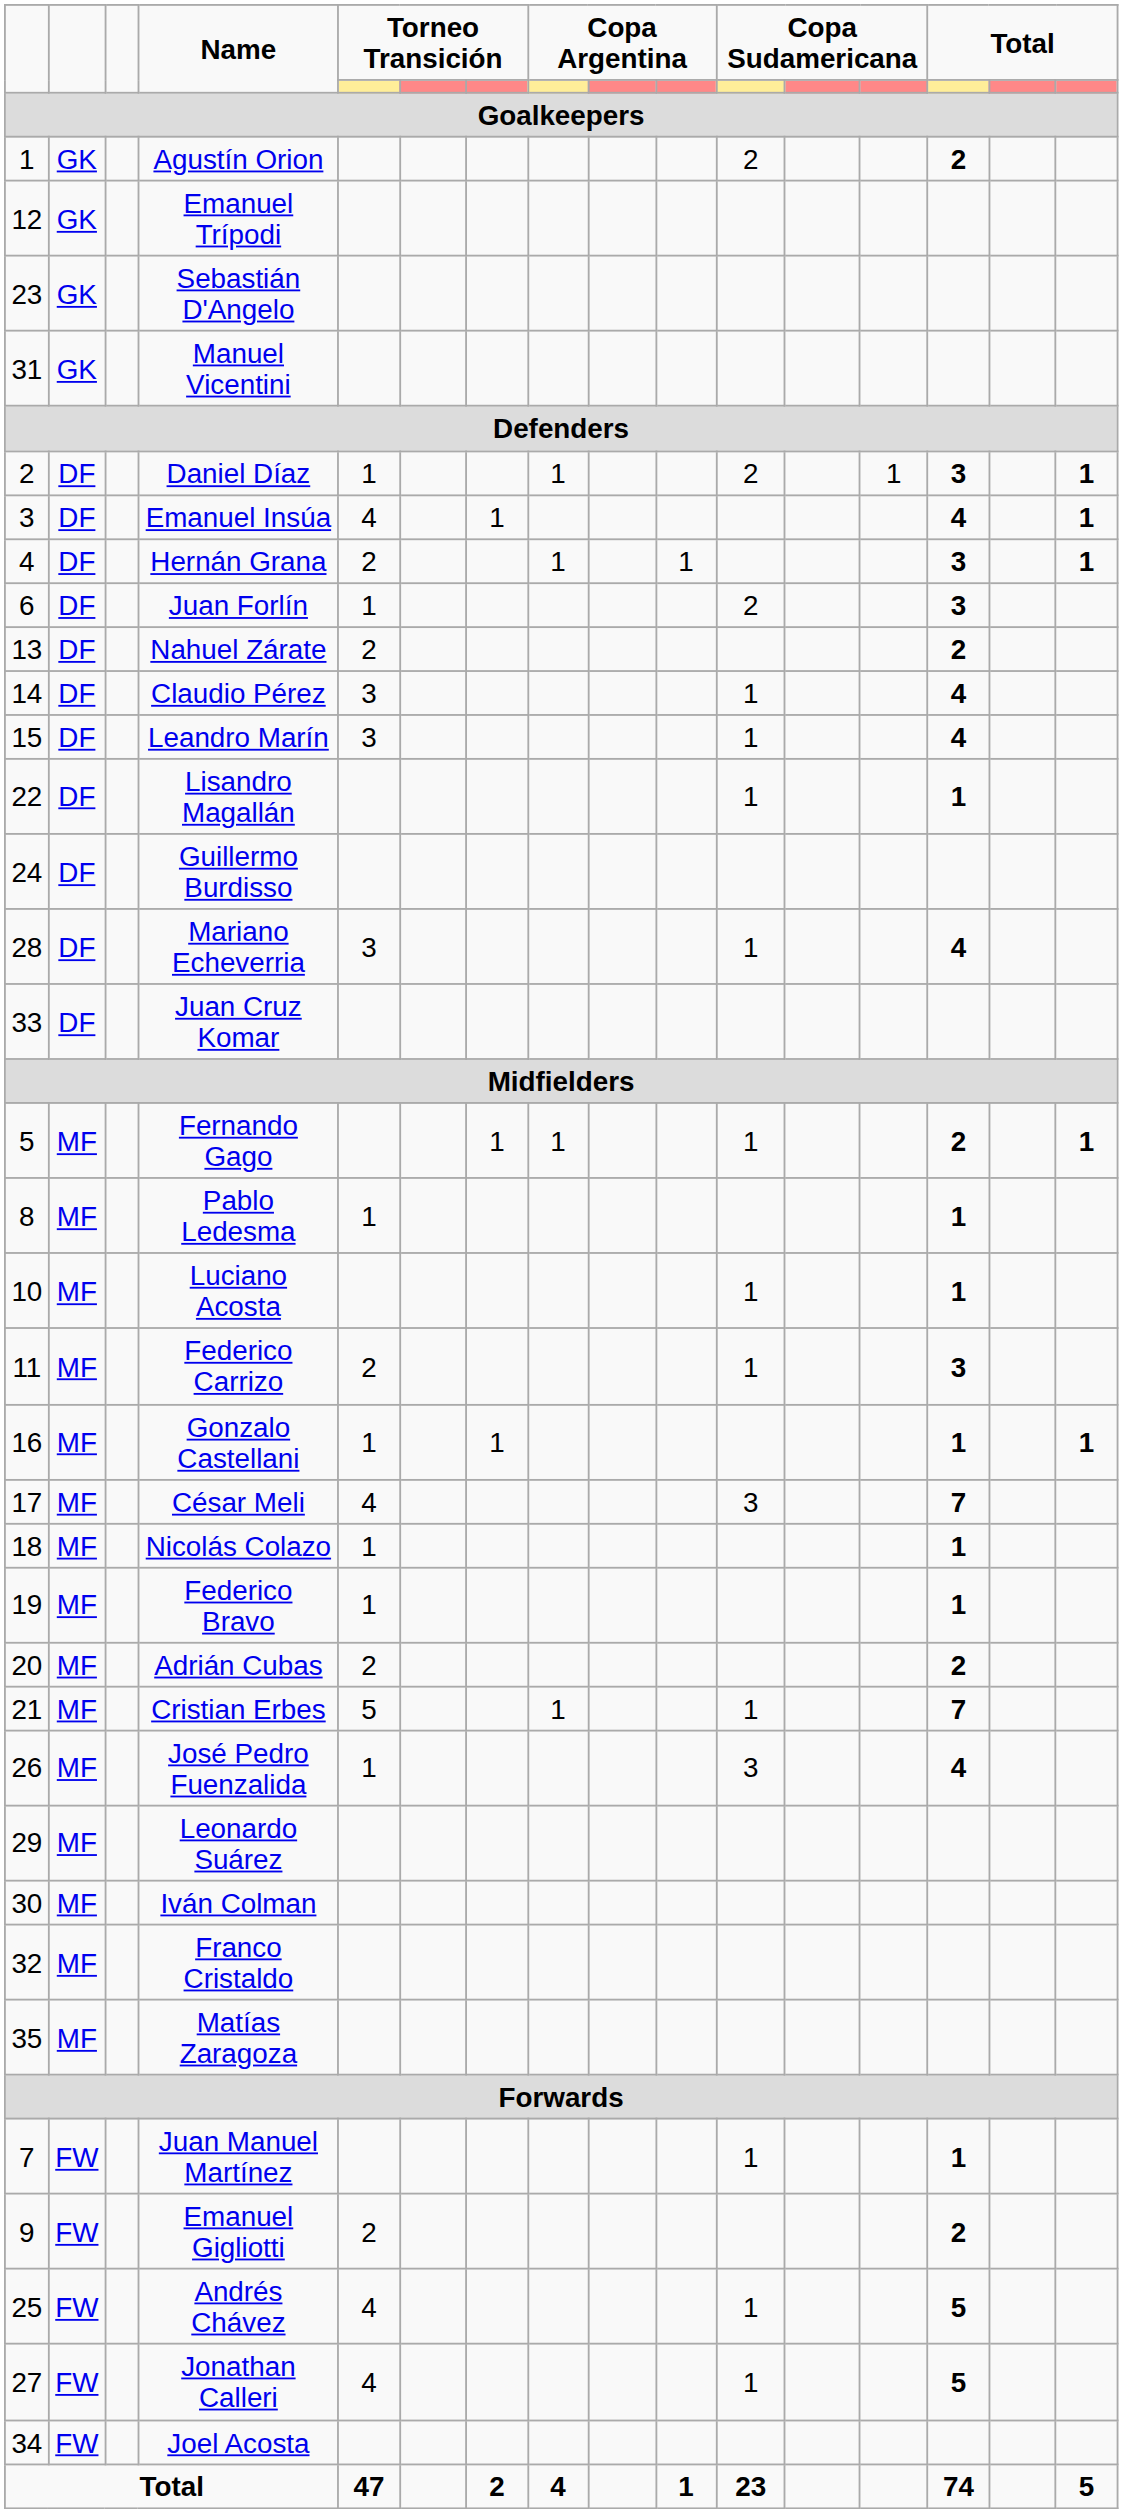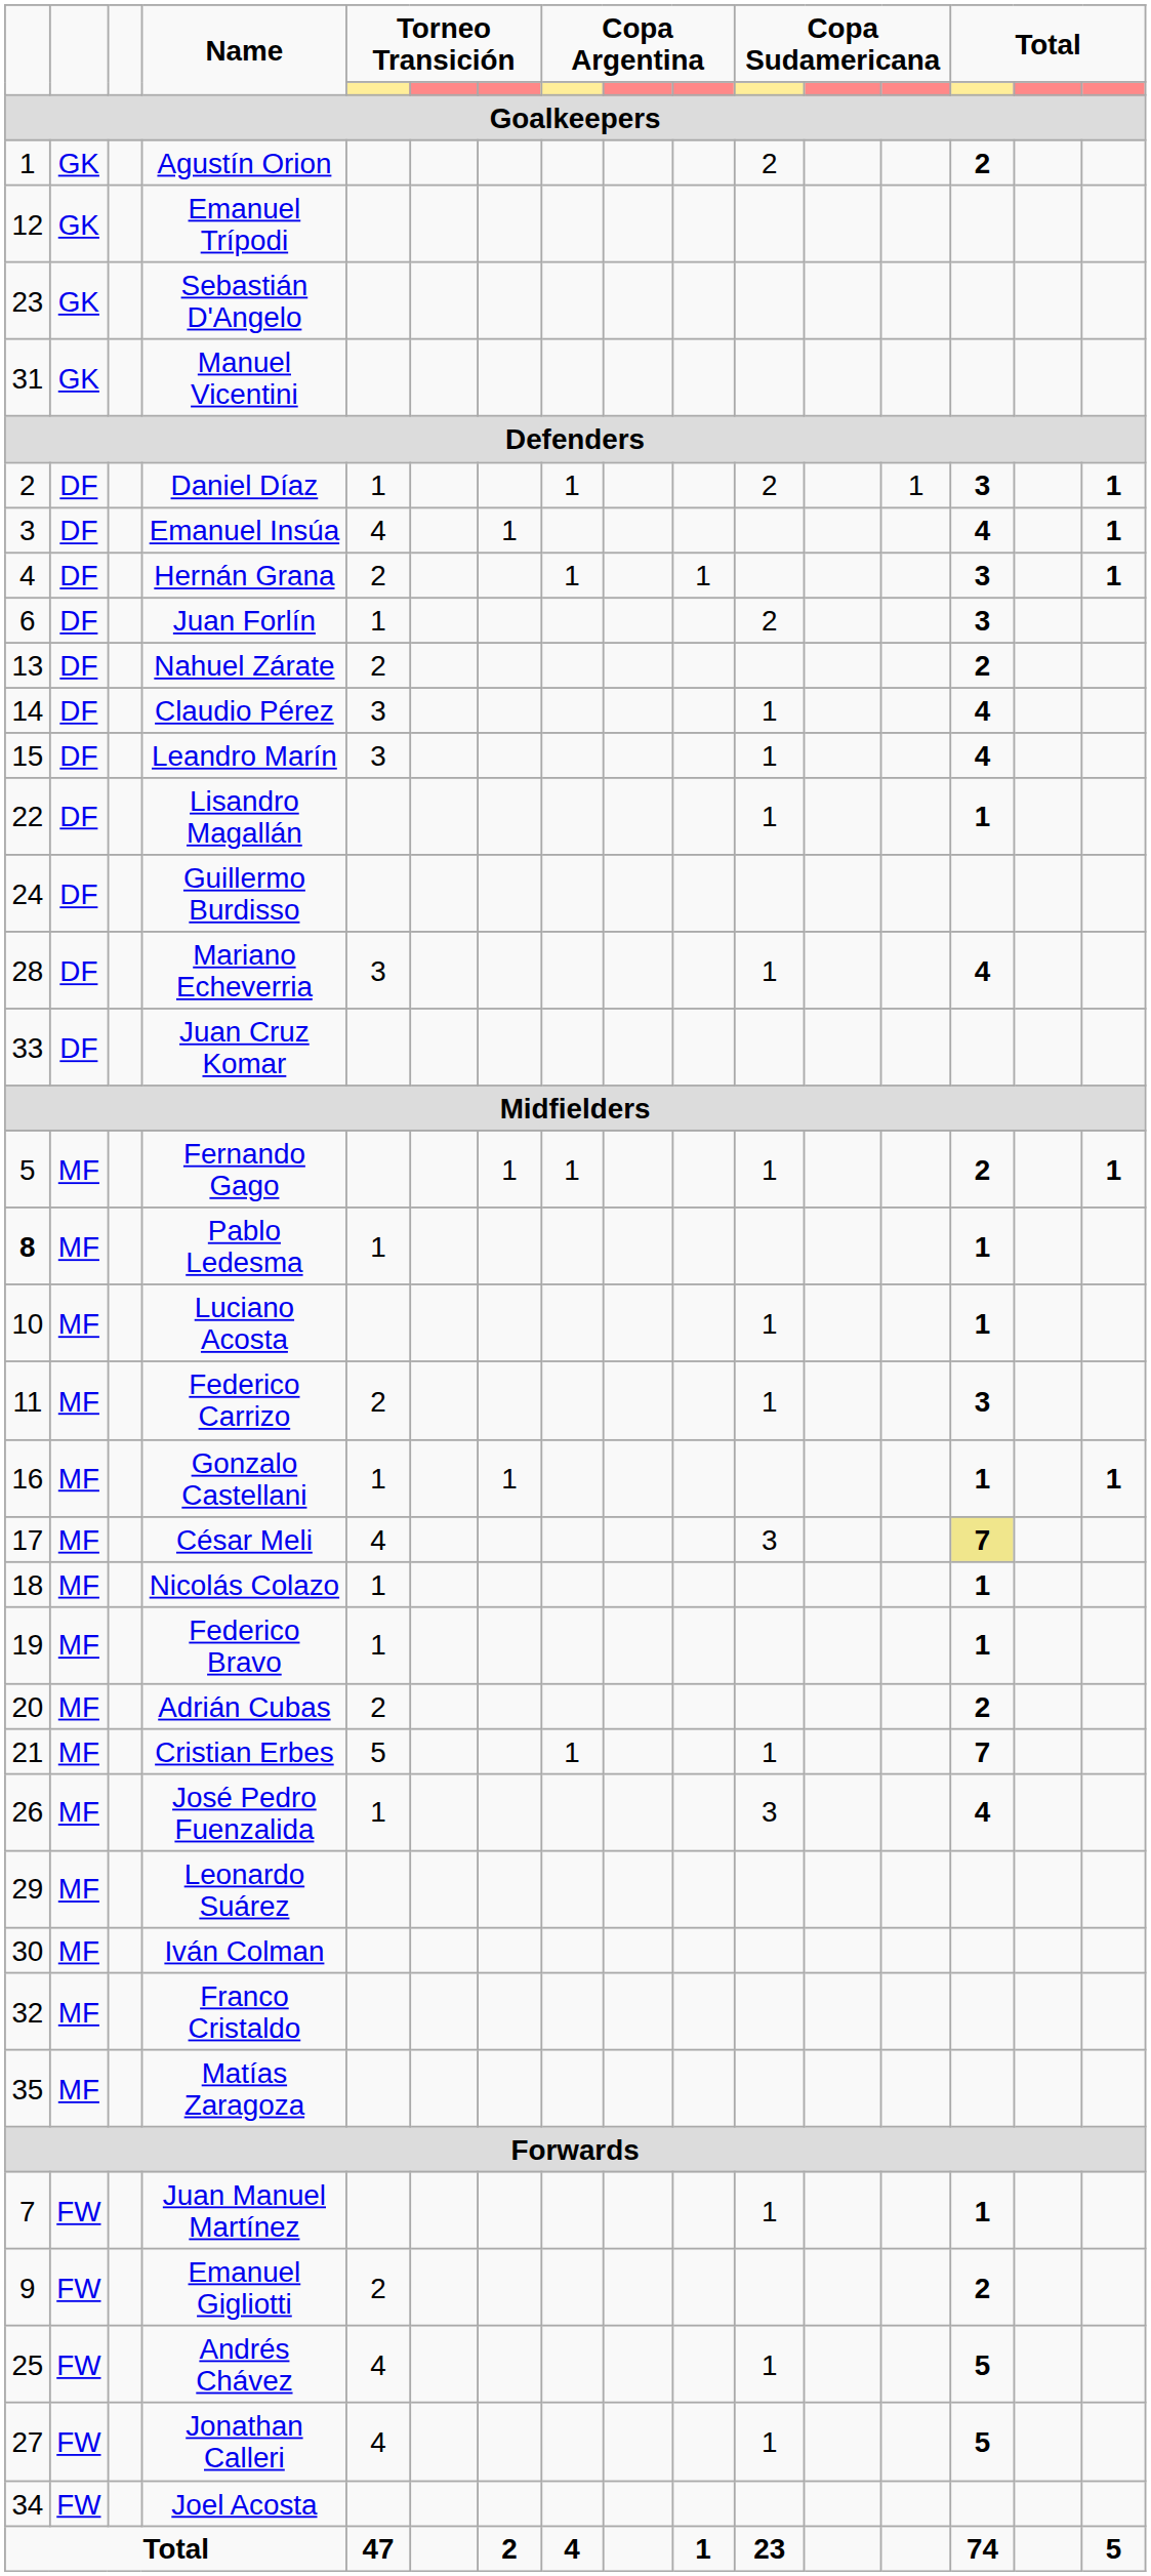 <table class="wikitable" style="font-size: 95%; text-align: center;">
 <tr>
 <td rowspan="2"  style="width:3%; text-align:center;"><strong></strong></td>
 <td rowspan="2"  style="width:3%; text-align:center;"><strong></strong></td>
 <td rowspan="2"  style="width:3%; text-align:center;"><strong></strong></td>
 <td rowspan="2"  style="width:18%; text-align:center;"><strong>Name</strong></td>
 <td colspan="3" style="text-align:center;"><strong>Torneo Transición</strong></td>
 <td colspan="3" style="text-align:center;"><strong>Copa Argentina</strong></td>
 <td colspan="3" style="text-align:center;"><strong>Copa Sudamericana</strong></td>
 <td colspan="3" style="text-align:center;"><strong>Total</strong></td>
 </tr>
 <tr>
 <th style="width:25px; background:#fe9;"></th>
 <th style="width:28px; background:#ff8888;"></th>
 <th style="width:25px; background:#ff8888;"></th>
 <th style="width:25px; background:#fe9;"></th>
 <th style="width:28px; background:#ff8888;"></th>
 <th style="width:25px; background:#ff8888;"></th>
 <th style="width:25px; background:#fe9;"></th>
 <th style="width:28px; background:#ff8888;"></th>
 <th style="width:25px; background:#ff8888;"></th>
 <th style="width:25px; background:#fe9;"></th>
 <th style="width:28px; background:#ff8888;"></th>
 <th style="width:25px; background:#ff8888;"></th>
 </tr>
 <tr>
 <th colspan="16" style="background:#dcdcdc; text-align:center">Goalkeepers</th>
 </tr>
 <tr>
 <td>1</td>
 <td><a href='#'>GK</a></td>
 <td></td>
 <td><a href='#'>Agustín Orion</a></td>
 <td></td>
 <td></td>
 <td></td>
 <td></td>
 <td></td>
 <td></td>
 <td>2</td>
 <td></td>
 <td></td>
 <td><strong>2</strong></td>
 <td></td>
 <td></td>
 </tr>
 <tr>
 <td>12</td>
 <td><a href='#'>GK</a></td>
 <td></td>
 <td><a href='#'>Emanuel Trípodi</a></td>
 <td></td>
 <td></td>
 <td></td>
 <td></td>
 <td></td>
 <td></td>
 <td></td>
 <td></td>
 <td></td>
 <td></td>
 <td></td>
 <td></td>
 </tr>
 <tr>
 <td>23</td>
 <td><a href='#'>GK</a></td>
 <td></td>
 <td><a href='#'>Sebastián D'Angelo</a></td>
 <td></td>
 <td></td>
 <td></td>
 <td></td>
 <td></td>
 <td></td>
 <td></td>
 <td></td>
 <td></td>
 <td></td>
 <td></td>
 <td></td>
 </tr>
 <tr>
 <td>31</td>
 <td><a href='#'>GK</a></td>
 <td></td>
 <td><a href='#'>Manuel Vicentini</a></td>
 <td></td>
 <td></td>
 <td></td>
 <td></td>
 <td></td>
 <td></td>
 <td></td>
 <td></td>
 <td></td>
 <td></td>
 <td></td>
 <td></td>
 </tr>
 <tr>
 <th colspan="16" style="background:#dcdcdc; text-align:center">Defenders</th>
 </tr>
 <tr>
 <td>2</td>
 <td><a href='#'>DF</a></td>
 <td></td>
 <td><a href='#'>Daniel Díaz</a></td>
 <td>1</td>
 <td></td>
 <td></td>
 <td>1</td>
 <td></td>
 <td></td>
 <td>2</td>
 <td></td>
 <td>1</td>
 <td><strong>3</strong></td>
 <td></td>
 <td><strong>1</strong></td>
 </tr>
 <tr>
 <td>3</td>
 <td><a href='#'>DF</a></td>
 <td></td>
 <td><a href='#'>Emanuel Insúa</a></td>
 <td>4</td>
 <td></td>
 <td>1</td>
 <td></td>
 <td></td>
 <td></td>
 <td></td>
 <td></td>
 <td></td>
 <td><strong>4</strong></td>
 <td></td>
 <td><strong>1</strong></td>
 </tr>
 <tr>
 <td>4</td>
 <td><a href='#'>DF</a></td>
 <td></td>
 <td><a href='#'>Hernán Grana</a></td>
 <td>2</td>
 <td></td>
 <td></td>
 <td>1</td>
 <td></td>
 <td>1</td>
 <td></td>
 <td></td>
 <td></td>
 <td><strong>3</strong></td>
 <td></td>
 <td><strong>1</strong></td>
 </tr>
 <tr>
 <td>6</td>
 <td><a href='#'>DF</a></td>
 <td></td>
 <td><a href='#'>Juan Forlín</a></td>
 <td>1</td>
 <td></td>
 <td></td>
 <td></td>
 <td></td>
 <td></td>
 <td>2</td>
 <td></td>
 <td></td>
 <td><strong>3</strong></td>
 <td></td>
 <td></td>
 </tr>
 <tr>
 <td>13</td>
 <td><a href='#'>DF</a></td>
 <td></td>
 <td><a href='#'>Nahuel Zárate</a></td>
 <td>2</td>
 <td></td>
 <td></td>
 <td></td>
 <td></td>
 <td></td>
 <td></td>
 <td></td>
 <td></td>
 <td><strong>2</strong></td>
 <td></td>
 <td></td>
 </tr>
 <tr>
 <td>14</td>
 <td><a href='#'>DF</a></td>
 <td></td>
 <td><a href='#'>Claudio Pérez</a></td>
 <td>3</td>
 <td></td>
 <td></td>
 <td></td>
 <td></td>
 <td></td>
 <td>1</td>
 <td></td>
 <td></td>
 <td><strong>4</strong></td>
 <td></td>
 <td></td>
 </tr>
 <tr>
 <td>15</td>
 <td><a href='#'>DF</a></td>
 <td></td>
 <td><a href='#'>Leandro Marín</a></td>
 <td>3</td>
 <td></td>
 <td></td>
 <td></td>
 <td></td>
 <td></td>
 <td>1</td>
 <td></td>
 <td></td>
 <td><strong>4</strong></td>
 <td></td>
 <td></td>
 </tr>
 <tr>
 <td>22</td>
 <td><a href='#'>DF</a></td>
 <td></td>
 <td><a href='#'>Lisandro Magallán</a></td>
 <td></td>
 <td></td>
 <td></td>
 <td></td>
 <td></td>
 <td></td>
 <td>1</td>
 <td></td>
 <td></td>
 <td><strong>1</strong></td>
 <td></td>
 <td></td>
 </tr>
 <tr>
 <td>24</td>
 <td><a href='#'>DF</a></td>
 <td></td>
 <td><a href='#'>Guillermo Burdisso</a></td>
 <td></td>
 <td></td>
 <td></td>
 <td></td>
 <td></td>
 <td></td>
 <td></td>
 <td></td>
 <td></td>
 <td></td>
 <td></td>
 <td></td>
 </tr>
 <tr>
 <td>28</td>
 <td><a href='#'>DF</a></td>
 <td></td>
 <td><a href='#'>Mariano Echeverria</a></td>
 <td>3</td>
 <td></td>
 <td></td>
 <td></td>
 <td></td>
 <td></td>
 <td>1</td>
 <td></td>
 <td></td>
 <td><strong>4</strong></td>
 <td></td>
 <td></td>
 </tr>
 <tr>
 <td>33</td>
 <td><a href='#'>DF</a></td>
 <td></td>
 <td><a href='#'>Juan Cruz Komar</a></td>
 <td></td>
 <td></td>
 <td></td>
 <td></td>
 <td></td>
 <td></td>
 <td></td>
 <td></td>
 <td></td>
 <td></td>
 <td></td>
 <td></td>
 </tr>
 <tr>
 <th colspan="16" style="background:#dcdcdc; text-align:center">Midfielders</th>
 </tr>
 <tr>
 <td>5</td>
 <td><a href='#'>MF</a></td>
 <td></td>
 <td><a href='#'>Fernando Gago</a></td>
 <td></td>
 <td></td>
 <td>1</td>
 <td>1</td>
 <td></td>
 <td></td>
 <td>1</td>
 <td></td>
 <td></td>
 <td><strong>2</strong></td>
 <td></td>
 <td><strong>1</strong></td>
 </tr>
 <tr>
-<td>8</td>
+<td><strong>8</strong></td>
 <td><a href='#'>MF</a></td>
 <td></td>
 <td><a href='#'>Pablo Ledesma</a></td>
 <td>1</td>
 <td></td>
 <td></td>
 <td></td>
 <td></td>
 <td></td>
 <td></td>
 <td></td>
 <td></td>
 <td><strong>1</strong></td>
 <td></td>
 <td></td>
 </tr>
 <tr>
 <td>10</td>
 <td><a href='#'>MF</a></td>
 <td></td>
 <td><a href='#'>Luciano Acosta</a></td>
 <td></td>
 <td></td>
 <td></td>
 <td></td>
 <td></td>
 <td></td>
 <td>1</td>
 <td></td>
 <td></td>
 <td><strong>1</strong></td>
 <td></td>
 <td></td>
 </tr>
 <tr>
 <td>11</td>
 <td><a href='#'>MF</a></td>
 <td></td>
 <td><a href='#'>Federico Carrizo</a></td>
 <td>2</td>
 <td></td>
 <td></td>
 <td></td>
 <td></td>
 <td></td>
 <td>1</td>
 <td></td>
 <td></td>
 <td><strong>3</strong></td>
 <td></td>
 <td></td>
 </tr>
 <tr>
 <td>16</td>
 <td><a href='#'>MF</a></td>
 <td></td>
 <td><a href='#'>Gonzalo Castellani</a></td>
 <td>1</td>
 <td></td>
 <td>1</td>
 <td></td>
 <td></td>
 <td></td>
 <td></td>
 <td></td>
 <td></td>
 <td><strong>1</strong></td>
 <td></td>
 <td><strong>1</strong></td>
 </tr>
 <tr>
 <td>17</td>
 <td><a href='#'>MF</a></td>
 <td></td>
 <td><a href='#'>César Meli</a></td>
 <td>4</td>
 <td></td>
 <td></td>
 <td></td>
 <td></td>
 <td></td>
 <td>3</td>
 <td></td>
 <td></td>
-<td><strong>7</strong></td>
+<td style="background: khaki;"><strong>7</strong></td>
 <td></td>
 <td></td>
 </tr>
 <tr>
 <td>18</td>
 <td><a href='#'>MF</a></td>
 <td></td>
 <td><a href='#'>Nicolás Colazo</a></td>
 <td>1</td>
 <td></td>
 <td></td>
 <td></td>
 <td></td>
 <td></td>
 <td></td>
 <td></td>
 <td></td>
 <td><strong>1</strong></td>
 <td></td>
 <td></td>
 </tr>
 <tr>
 <td>19</td>
 <td><a href='#'>MF</a></td>
 <td></td>
 <td><a href='#'>Federico Bravo</a></td>
 <td>1</td>
 <td></td>
 <td></td>
 <td></td>
 <td></td>
 <td></td>
 <td></td>
 <td></td>
 <td></td>
 <td><strong>1</strong></td>
 <td></td>
 <td></td>
 </tr>
 <tr>
 <td>20</td>
 <td><a href='#'>MF</a></td>
 <td></td>
 <td><a href='#'>Adrián Cubas</a></td>
 <td>2</td>
 <td></td>
 <td></td>
 <td></td>
 <td></td>
 <td></td>
 <td></td>
 <td></td>
 <td></td>
 <td><strong>2</strong></td>
 <td></td>
 <td></td>
 </tr>
 <tr>
 <td>21</td>
 <td><a href='#'>MF</a></td>
 <td></td>
 <td><a href='#'>Cristian Erbes</a></td>
 <td>5</td>
 <td></td>
 <td></td>
 <td>1</td>
 <td></td>
 <td></td>
 <td>1</td>
 <td></td>
 <td></td>
 <td><strong>7</strong></td>
 <td></td>
 <td></td>
 </tr>
 <tr>
 <td>26</td>
 <td><a href='#'>MF</a></td>
 <td></td>
 <td><a href='#'>José Pedro Fuenzalida</a></td>
 <td>1</td>
 <td></td>
 <td></td>
 <td></td>
 <td></td>
 <td></td>
 <td>3</td>
 <td></td>
 <td></td>
 <td><strong>4</strong></td>
 <td></td>
 <td></td>
 </tr>
 <tr>
 <td>29</td>
 <td><a href='#'>MF</a></td>
 <td></td>
 <td><a href='#'>Leonardo Suárez</a></td>
 <td></td>
 <td></td>
 <td></td>
 <td></td>
 <td></td>
 <td></td>
 <td></td>
 <td></td>
 <td></td>
 <td></td>
 <td></td>
 <td></td>
 </tr>
 <tr>
 <td>30</td>
 <td><a href='#'>MF</a></td>
 <td></td>
 <td><a href='#'>Iván Colman</a></td>
 <td></td>
 <td></td>
 <td></td>
 <td></td>
 <td></td>
 <td></td>
 <td></td>
 <td></td>
 <td></td>
 <td></td>
 <td></td>
 <td></td>
 </tr>
 <tr>
 <td>32</td>
 <td><a href='#'>MF</a></td>
 <td></td>
 <td><a href='#'>Franco Cristaldo</a></td>
 <td></td>
 <td></td>
 <td></td>
 <td></td>
 <td></td>
 <td></td>
 <td></td>
 <td></td>
 <td></td>
 <td></td>
 <td></td>
 <td></td>
 </tr>
 <tr>
 <td>35</td>
 <td><a href='#'>MF</a></td>
 <td></td>
 <td><a href='#'>Matías Zaragoza</a></td>
 <td></td>
 <td></td>
 <td></td>
 <td></td>
 <td></td>
 <td></td>
 <td></td>
 <td></td>
 <td></td>
 <td></td>
 <td></td>
 <td></td>
 </tr>
 <tr>
 <th colspan="16" style="background:#dcdcdc; text-align:center">Forwards</th>
 </tr>
 <tr>
 <td>7</td>
 <td><a href='#'>FW</a></td>
 <td></td>
 <td><a href='#'>Juan Manuel Martínez</a></td>
 <td></td>
 <td></td>
 <td></td>
 <td></td>
 <td></td>
 <td></td>
 <td>1</td>
 <td></td>
 <td></td>
 <td><strong>1</strong></td>
 <td></td>
 <td></td>
 </tr>
 <tr>
 <td>9</td>
 <td><a href='#'>FW</a></td>
 <td></td>
 <td><a href='#'>Emanuel Gigliotti</a></td>
 <td>2</td>
 <td></td>
 <td></td>
 <td></td>
 <td></td>
 <td></td>
 <td></td>
 <td></td>
 <td></td>
 <td><strong>2</strong></td>
 <td></td>
 <td></td>
 </tr>
 <tr>
 <td>25</td>
 <td><a href='#'>FW</a></td>
 <td></td>
 <td><a href='#'>Andrés Chávez</a></td>
 <td>4</td>
 <td></td>
 <td></td>
 <td></td>
 <td></td>
 <td></td>
 <td>1</td>
 <td></td>
 <td></td>
 <td><strong>5</strong></td>
 <td></td>
 <td></td>
 </tr>
 <tr>
 <td>27</td>
 <td><a href='#'>FW</a></td>
 <td></td>
 <td><a href='#'>Jonathan Calleri</a></td>
 <td>4</td>
 <td></td>
 <td></td>
 <td></td>
 <td></td>
 <td></td>
 <td>1</td>
 <td></td>
 <td></td>
 <td><strong>5</strong></td>
 <td></td>
 <td></td>
 </tr>
 <tr>
 <td>34</td>
 <td><a href='#'>FW</a></td>
 <td></td>
 <td><a href='#'>Joel Acosta</a></td>
 <td></td>
 <td></td>
 <td></td>
 <td></td>
 <td></td>
 <td></td>
 <td></td>
 <td></td>
 <td></td>
 <td></td>
 <td></td>
 <td></td>
 </tr>
 <tr>
 <td colspan=4><strong>Total</strong></td>
 <td><strong>47</strong></td>
 <td></td>
 <td><strong>2</strong></td>
 <td><strong>4</strong></td>
 <td></td>
 <td><strong>1</strong></td>
 <td><strong>23</strong></td>
 <td></td>
 <td></td>
 <td><strong>74</strong></td>
 <td></td>
 <td><strong>5</strong></td>
 </tr>
 </table>
